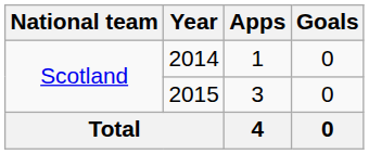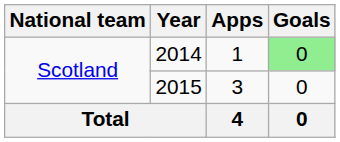 <table class="wikitable" style="text-align:center">
 <tr>
 <th>National team</th>
 <th>Year</th>
 <th>Apps</th>
 <th>Goals</th>
 </tr>
 <tr>
 <td rowspan="2"><a href='#'>Scotland</a></td>
 <td>2014</td>
 <td>1</td>
-<td>0</td>
+<td style="background: lightgreen;">0</td>
 </tr>
 <tr>
 <td>2015</td>
 <td>3</td>
 <td>0</td>
 </tr>
 <tr>
 <th colspan="2">Total</th>
 <th>4</th>
 <th>0</th>
 </tr>
 </table>
